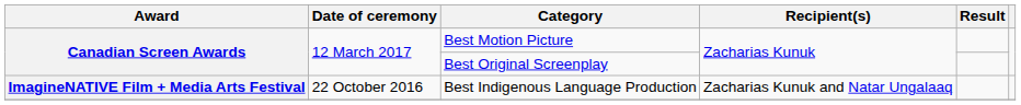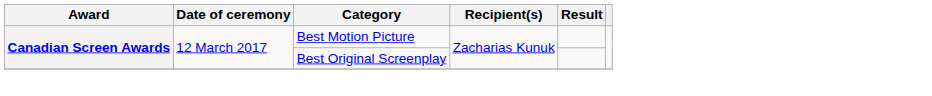 <table class="wikitable plainrowheaders sortable">
 <tr>
 <th scope="col">Award</th>
 <th scope="col">Date of ceremony</th>
 <th scope="col">Category</th>
 <th scope="col">Recipient(s)</th>
 <th scope="col">Result</th>
 <th scope="col" class="unsortable"></th>
 </tr>
 <tr>
 <th scope="row" rowspan=2><a href='#'>Canadian Screen Awards</a></th>
 <td rowspan="2"><a href='#'>12 March 2017</a></td>
 <td><a href='#'>Best Motion Picture</a></td>
 <td rowspan="2"><a href='#'>Zacharias Kunuk</a></td>
 <td></td>
 <td rowspan="2"></td>
 </tr>
 <tr>
 <td><a href='#'>Best Original Screenplay</a></td>
 <td></td>
 </tr>
 <tr>
-<th scope="row"><a href='#'>ImagineNATIVE Film + Media Arts Festival</a></th>
-<td>22 October 2016</td>
-<td>Best Indigenous Language Production</td>
-<td>Zacharias Kunuk and <a href='#'>Natar Ungalaaq</a></td>
-<td></td>
-<td rowspan="1"></td>
-</tr>
-<tr>
 </tr>
 </table>
